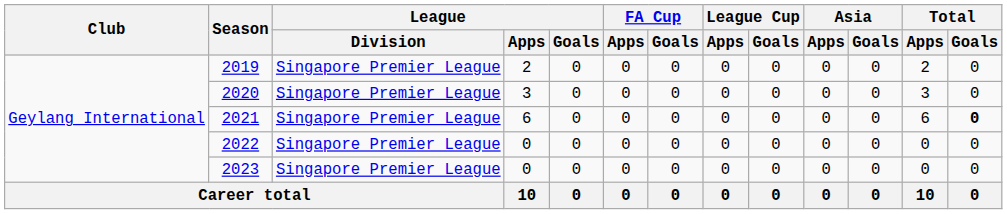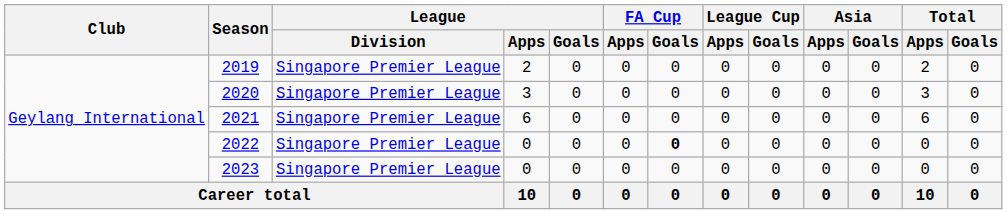 <table class="wikitable" style="text-align: center">
 <tr>
 <th rowspan="2">Club</th>
 <th rowspan="2">Season</th>
 <th colspan="3">League</th>
 <th colspan="2"><a href='#'>FA Cup</a></th>
 <th colspan="2">League Cup</th>
 <th colspan="2">Asia</th>
 <th colspan="2">Total</th>
 </tr>
 <tr>
 <th>Division</th>
 <th>Apps</th>
 <th>Goals</th>
 <th>Apps</th>
 <th>Goals</th>
 <th>Apps</th>
 <th>Goals</th>
 <th>Apps</th>
 <th>Goals</th>
 <th>Apps</th>
 <th>Goals</th>
 </tr>
 <tr>
 <td rowspan="5"><a href='#'>Geylang International</a></td>
 <td><a href='#'>2019</a></td>
 <td><a href='#'>Singapore Premier League</a></td>
 <td>2</td>
 <td>0</td>
 <td>0</td>
 <td>0</td>
 <td>0</td>
 <td>0</td>
 <td>0</td>
 <td>0</td>
 <td>2</td>
 <td>0</td>
 </tr>
 <tr>
 <td><a href='#'>2020</a></td>
 <td><a href='#'>Singapore Premier League</a></td>
 <td>3</td>
 <td>0</td>
 <td>0</td>
 <td>0</td>
 <td>0</td>
 <td>0</td>
 <td>0</td>
 <td>0</td>
 <td>3</td>
 <td>0</td>
 </tr>
 <tr>
 <td><a href='#'>2021</a></td>
 <td><a href='#'>Singapore Premier League</a></td>
 <td>6</td>
 <td>0</td>
 <td>0</td>
 <td>0</td>
 <td>0</td>
 <td>0</td>
 <td>0</td>
 <td>0</td>
 <td>6</td>
-<td><strong>0</strong></td>
+<td>0</td>
 </tr>
 <tr>
 <td><a href='#'>2022</a></td>
 <td><a href='#'>Singapore Premier League</a></td>
 <td>0</td>
 <td>0</td>
 <td>0</td>
-<td>0</td>
+<td><strong>0</strong></td>
 <td>0</td>
 <td>0</td>
 <td>0</td>
 <td>0</td>
 <td>0</td>
 <td>0</td>
 </tr>
 <tr>
 <td><a href='#'>2023</a></td>
 <td><a href='#'>Singapore Premier League</a></td>
 <td>0</td>
 <td>0</td>
 <td>0</td>
 <td>0</td>
 <td>0</td>
 <td>0</td>
 <td>0</td>
 <td>0</td>
 <td>0</td>
 <td>0</td>
 </tr>
 <tr>
 <th colspan=3>Career total</th>
 <th>10</th>
 <th>0</th>
 <th>0</th>
 <th>0</th>
 <th>0</th>
 <th>0</th>
 <th>0</th>
 <th>0</th>
 <th>10</th>
 <th>0</th>
 </tr>
 </table>
